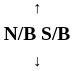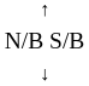 <table style="text-align:center;">
 <tr>
 <td><small>↑   </small></td>
 </tr>
 <tr>
-<td><strong><span>N/B</span>   <span>S/B</span></strong></td>
+<td><span>N/B</span>   <span>S/B</span></td>
 </tr>
 <tr>
 <td><small>  ↓</small></td>
 </tr>
 </table>
